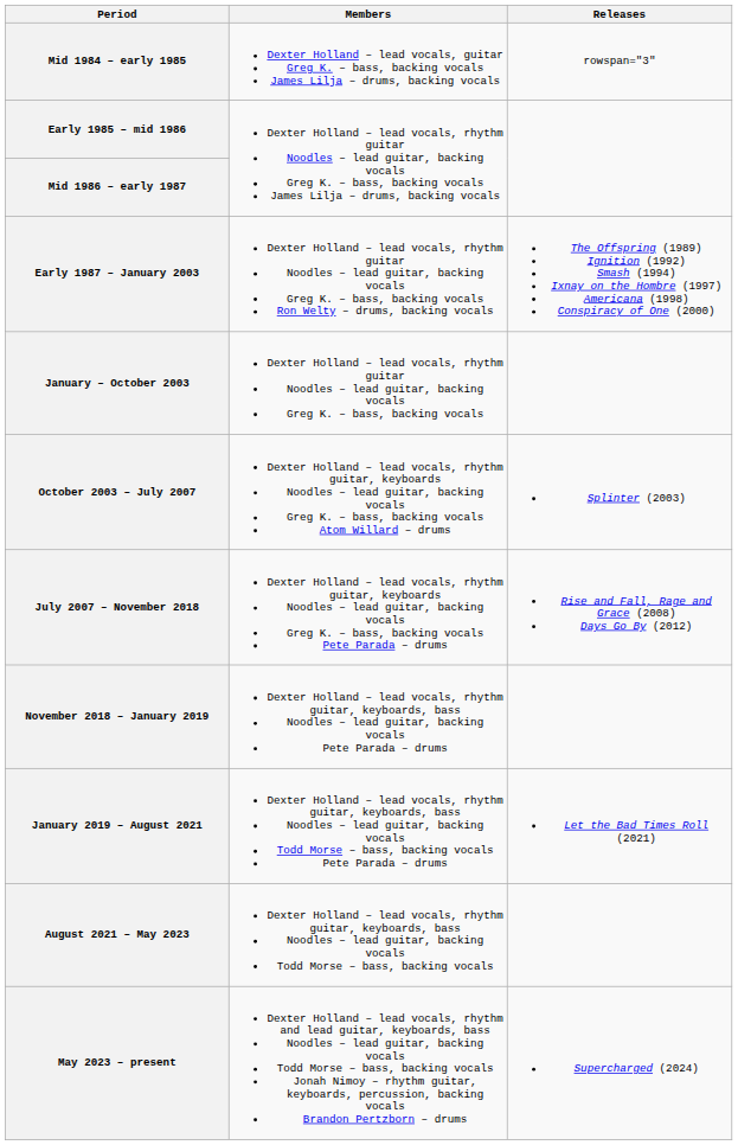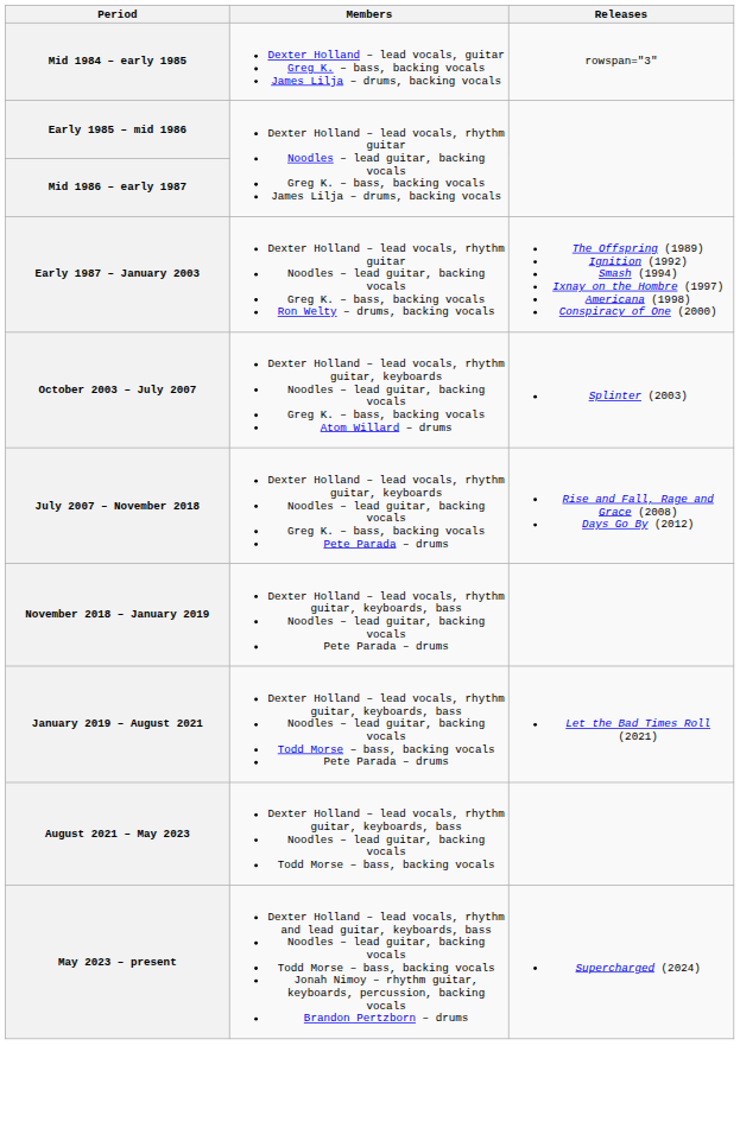 <table class="wikitable plainrowheaders" style="text-align:center;">
 <tr>
 <th scope="col" style="width:20em;">Period</th>
 <th scope="col" style="width:25em;">Members</th>
 <th scope="col" style="width:20em;">Releases</th>
 </tr>
 <tr>
 <th scope="col">Mid 1984 – early 1985 </th>
 <td><br><ul><li><a href='#'>Dexter Holland</a> – lead vocals, guitar</li><li><a href='#'>Greg K.</a> – bass, backing vocals</li><li><a href='#'>James Lilja</a> – drums, backing vocals</li></ul></td>
 <td>rowspan="3" </td>
 </tr>
 <tr>
 <th scope="col">Early 1985 – mid 1986 </th>
 <td rowspan="2"><br><ul><li>Dexter Holland – lead vocals, rhythm guitar</li><li><a href='#'>Noodles</a> – lead guitar, backing vocals</li><li>Greg K. – bass, backing vocals</li><li>James Lilja – drums, backing vocals</li></ul></td>
 </tr>
 <tr>
 <th scope="col">Mid 1986 – early 1987 </th>
 </tr>
 <tr>
 <th scope="col">Early 1987 – January 2003</th>
 <td><br><ul><li>Dexter Holland – lead vocals, rhythm guitar</li><li>Noodles – lead guitar, backing vocals</li><li>Greg K. – bass, backing vocals</li><li><a href='#'>Ron Welty</a> – drums, backing vocals</li></ul></td>
 <td><br><ul><li><em><a href='#'>The Offspring</a></em> (1989)</li><li><em><a href='#'>Ignition</a></em> (1992)</li><li><em><a href='#'>Smash</a></em> (1994)</li><li><em><a href='#'>Ixnay on the Hombre</a></em> (1997)</li><li><em><a href='#'>Americana</a></em> (1998)</li><li><em><a href='#'>Conspiracy of One</a></em> (2000)</li></ul></td>
-</tr>
-<tr>
-<th scope="col">January – October 2003</th>
-<td><br><ul><li>Dexter Holland – lead vocals, rhythm guitar</li><li>Noodles – lead guitar, backing vocals</li><li>Greg K. – bass, backing vocals</li></ul></td>
-<td></td>
 </tr>
 <tr>
 <th>October 2003 – July 2007</th>
 <td><br><ul><li>Dexter Holland – lead vocals, rhythm guitar, keyboards</li><li>Noodles – lead guitar, backing vocals</li><li>Greg K. – bass, backing vocals</li><li><a href='#'>Atom Willard</a> – drums</li></ul></td>
 <td><br><ul><li><em><a href='#'>Splinter</a></em> (2003)</li></ul></td>
 </tr>
 <tr>
 <th>July 2007 –  November 2018</th>
 <td><br><ul><li>Dexter Holland – lead vocals, rhythm guitar, keyboards</li><li>Noodles – lead guitar, backing vocals</li><li>Greg K. – bass, backing vocals</li><li><a href='#'>Pete Parada</a> – drums</li></ul></td>
 <td><br><ul><li><em><a href='#'>Rise and Fall, Rage and Grace</a></em> (2008)</li><li><em><a href='#'>Days Go By</a></em> (2012)</li></ul></td>
 </tr>
 <tr>
 <th scope="col">November 2018 – January 2019</th>
 <td><br><ul><li>Dexter Holland – lead vocals, rhythm guitar, keyboards, bass</li><li>Noodles – lead guitar, backing vocals</li><li>Pete Parada – drums</li></ul></td>
 <td></td>
 </tr>
 <tr>
 <th scope="col">January 2019 – August 2021</th>
 <td><br><ul><li>Dexter Holland – lead vocals, rhythm guitar, keyboards, bass</li><li>Noodles – lead guitar, backing vocals</li><li><a href='#'>Todd Morse</a> – bass, backing vocals</li><li>Pete Parada – drums</li></ul></td>
 <td><br><ul><li><em><a href='#'>Let the Bad Times Roll</a></em> (2021)</li></ul></td>
 </tr>
 <tr>
 <th scope="col">August 2021 – May 2023</th>
 <td><br><ul><li>Dexter Holland – lead vocals, rhythm guitar, keyboards, bass</li><li>Noodles – lead guitar, backing vocals</li><li>Todd Morse – bass, backing vocals</li></ul></td>
 <td></td>
 </tr>
 <tr>
 <th scope="col">May 2023 – present</th>
 <td><br><ul><li>Dexter Holland – lead vocals, rhythm and lead guitar, keyboards, bass</li><li>Noodles – lead guitar, backing vocals</li><li>Todd Morse – bass, backing vocals</li><li>Jonah Nimoy – rhythm guitar, keyboards, percussion, backing vocals</li><li><a href='#'>Brandon Pertzborn</a> – drums</li></ul></td>
 <td><br><ul><li><em><a href='#'>Supercharged</a></em> (2024)</li></ul></td>
 </tr>
 </table>
